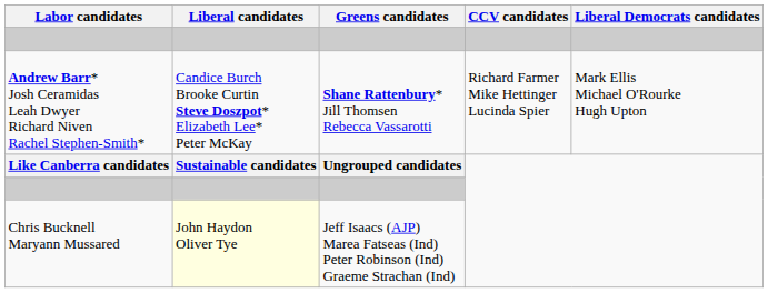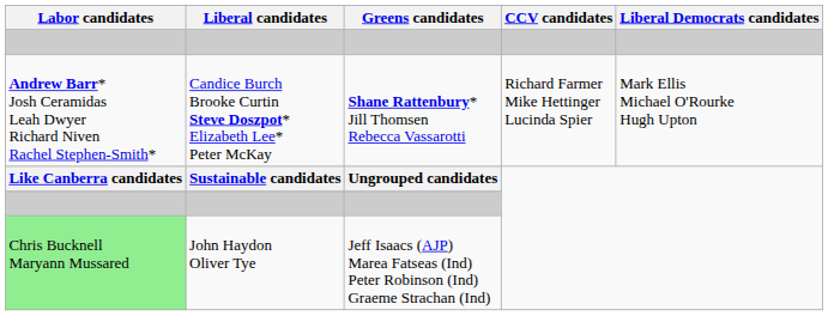 <table class="wikitable">
 <tr>
 <th><a href='#'>Labor</a> candidates</th>
 <th><a href='#'>Liberal</a> candidates</th>
 <th><a href='#'>Greens</a> candidates</th>
 <th><a href='#'>CCV</a> candidates</th>
 <th><a href='#'>Liberal Democrats</a> candidates</th>
 </tr>
 <tr bgcolor="#cccccc">
 <td></td>
 <td></td>
 <td></td>
 <td bgcolor=></td>
 <td> </td>
 </tr>
 <tr>
 <td><br><strong><a href='#'>Andrew Barr</a></strong>*<br> Josh Ceramidas<br> Leah Dwyer<br> Richard Niven<br> <a href='#'>Rachel Stephen-Smith</a>*</td>
 <td><br><a href='#'>Candice Burch</a><br> Brooke Curtin<br> <strong><a href='#'>Steve Doszpot</a></strong>*<br> <a href='#'>Elizabeth Lee</a>*<br> Peter McKay</td>
 <td><br><strong><a href='#'>Shane Rattenbury</a></strong>*<br> Jill Thomsen<br> <a href='#'>Rebecca Vassarotti</a></td>
 <td valign=top><br>Richard Farmer<br> Mike Hettinger<br> Lucinda Spier</td>
 <td valign=top><br>Mark Ellis<br> Michael O'Rourke<br> Hugh Upton</td>
 </tr>
 <tr bgcolor="#cccccc">
 <th><a href='#'>Like Canberra</a> candidates</th>
 <th><a href='#'>Sustainable</a> candidates</th>
 <th>Ungrouped candidates</th>
 </tr>
 <tr bgcolor="#cccccc">
 <td bgcolor=></td>
 <td></td>
 <td> </td>
 </tr>
 <tr>
-<td valign=top><br>Chris Bucknell<br> Maryann Mussared</td>
-<td valign=top style="background: lightyellow;"><br>John Haydon<br> Oliver Tye</td>
+<td valign=top style="background: lightgreen;"><br>Chris Bucknell<br> Maryann Mussared</td>
+<td valign=top><br>John Haydon<br> Oliver Tye</td>
 <td valign=top><br>Jeff Isaacs (<a href='#'>AJP</a>)<br> Marea Fatseas (Ind)<br> Peter Robinson (Ind)<br> Graeme Strachan (Ind)</td>
 </tr>
 </table>
